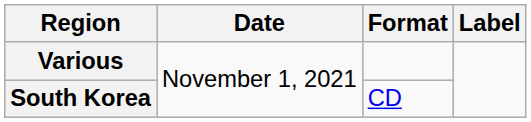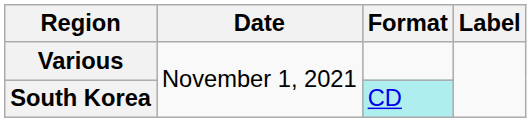 <table class="wikitable plainrowheaders">
 <tr>
 <th scope="col">Region</th>
 <th scope="col">Date</th>
 <th scope="col">Format</th>
 <th scope="col">Label</th>
 </tr>
 <tr>
 <th scope="row">Various</th>
 <td rowspan="2">November 1, 2021</td>
 <td></td>
 <td rowspan="2"></td>
 </tr>
 <tr>
 <th scope="row">South Korea</th>
-<td><a href='#'>CD</a></td>
+<td style="background: paleturquoise;"><a href='#'>CD</a></td>
 </tr>
 </table>
